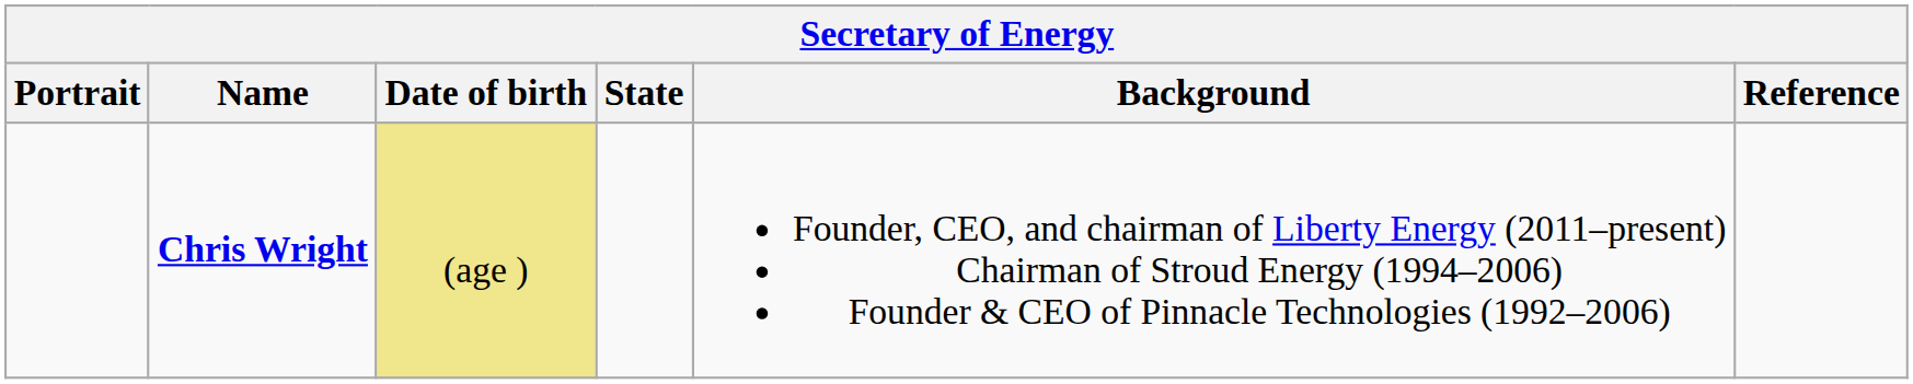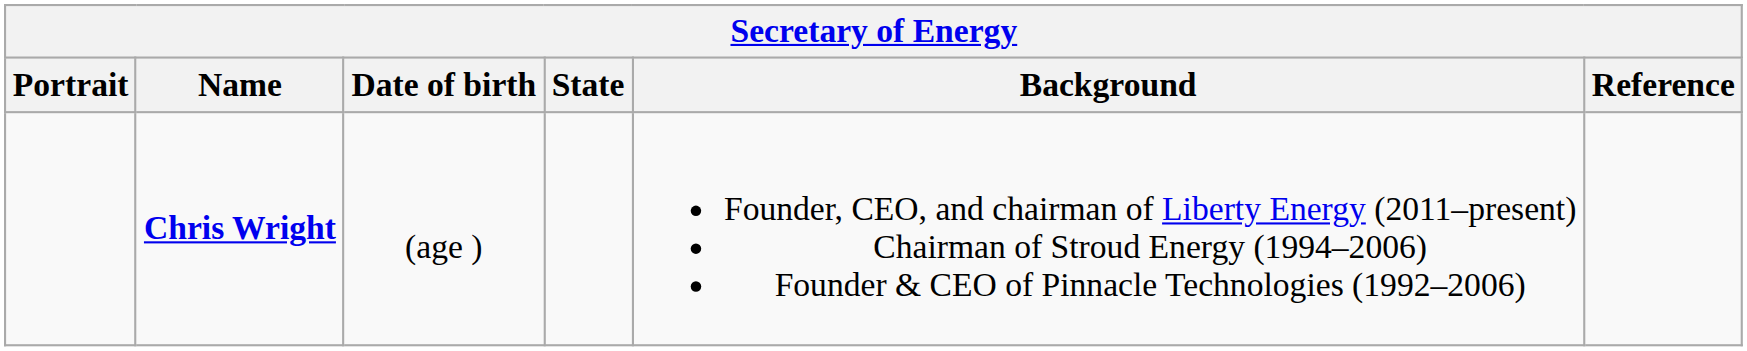 <table class="wikitable collapsible" style="text-align:center;">
 <tr>
 <th colspan="6"><a href='#'>Secretary of Energy</a></th>
 </tr>
 <tr>
 <th>Portrait</th>
 <th>Name</th>
 <th>Date of birth</th>
 <th>State</th>
 <th>Background</th>
 <th>Reference</th>
 </tr>
 <tr>
 <td></td>
 <td><strong><a href='#'>Chris Wright</a></strong></td>
-<td style="background: khaki;"><br>(age )</td>
+<td><br>(age )</td>
 <td></td>
 <td><br><ul><li>Founder, CEO, and chairman of <a href='#'>Liberty Energy</a> (2011–present)</li><li>Chairman of Stroud Energy (1994–2006)</li><li>Founder & CEO of Pinnacle Technologies (1992–2006)</li></ul></td>
 <td></td>
 </tr>
 </table>
